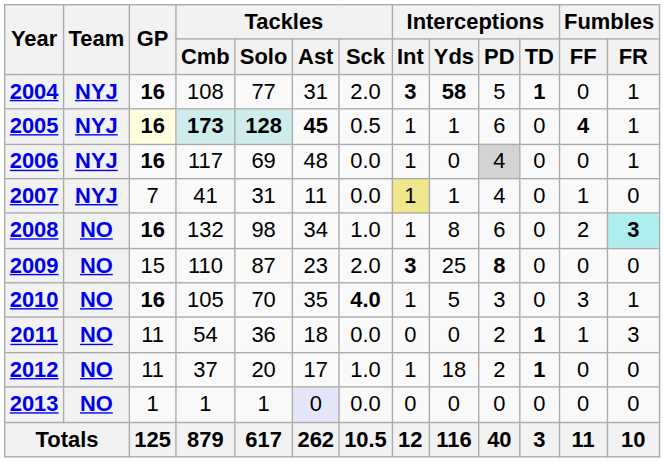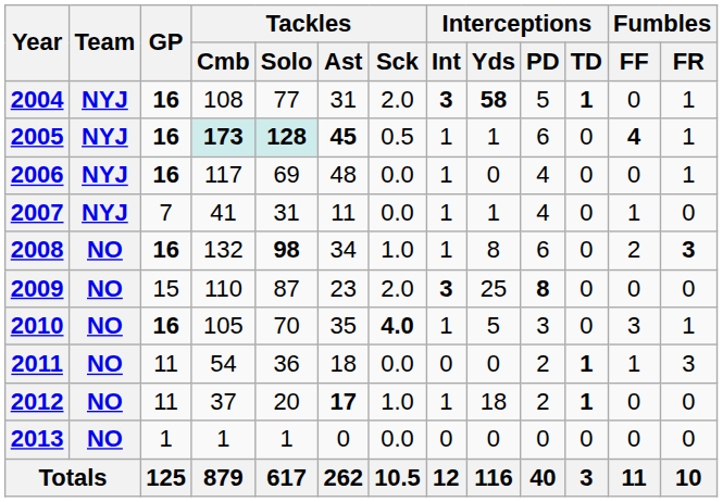 <table class="wikitable" style="text-align: center;">
 <tr>
 <th rowspan="2">Year</th>
 <th rowspan="2">Team</th>
 <th rowspan="2">GP</th>
 <th colspan="4">Tackles</th>
 <th colspan="4">Interceptions</th>
 <th colspan="2">Fumbles</th>
 </tr>
 <tr>
 <th>Cmb</th>
 <th>Solo</th>
 <th>Ast</th>
 <th>Sck</th>
 <th>Int</th>
 <th>Yds</th>
 <th>PD</th>
 <th>TD</th>
 <th>FF</th>
 <th>FR</th>
 </tr>
 <tr>
 <th><a href='#'>2004</a></th>
 <th><a href='#'>NYJ</a></th>
 <td><strong>16</strong></td>
 <td>108</td>
 <td>77</td>
 <td>31</td>
 <td>2.0</td>
 <td><strong>3</strong></td>
 <td><strong>58</strong></td>
 <td>5</td>
 <td><strong>1</strong></td>
 <td>0</td>
 <td>1</td>
 </tr>
 <tr>
 <th><a href='#'>2005</a></th>
 <th><a href='#'>NYJ</a></th>
-<td style="background: lightyellow;"><strong>16</strong></td>
+<td><strong>16</strong></td>
 <td style="background:#cfecec"><strong>173</strong></td>
 <td style="background:#cfecec"><strong>128</strong></td>
 <td><strong>45</strong></td>
 <td>0.5</td>
 <td>1</td>
 <td>1</td>
 <td>6</td>
 <td>0</td>
 <td><strong>4</strong></td>
 <td>1</td>
 </tr>
 <tr>
 <th><a href='#'>2006</a></th>
 <th><a href='#'>NYJ</a></th>
 <td><strong>16</strong></td>
 <td>117</td>
 <td>69</td>
 <td>48</td>
 <td>0.0</td>
 <td>1</td>
 <td>0</td>
-<td style="background: lightgrey;">4</td>
+<td>4</td>
 <td>0</td>
 <td>0</td>
 <td>1</td>
 </tr>
 <tr>
 <th><a href='#'>2007</a></th>
 <th><a href='#'>NYJ</a></th>
 <td>7</td>
 <td>41</td>
 <td>31</td>
 <td>11</td>
 <td>0.0</td>
-<td style="background: khaki;">1</td>
+<td>1</td>
 <td>1</td>
 <td>4</td>
 <td>0</td>
 <td>1</td>
 <td>0</td>
 </tr>
 <tr>
 <th><a href='#'>2008</a></th>
 <th><a href='#'>NO</a></th>
 <td><strong>16</strong></td>
 <td>132</td>
-<td>98</td>
+<td><strong>98</strong></td>
 <td>34</td>
 <td>1.0</td>
 <td>1</td>
 <td>8</td>
 <td>6</td>
 <td>0</td>
 <td>2</td>
-<td style="background: paleturquoise;"><strong>3</strong></td>
+<td><strong>3</strong></td>
 </tr>
 <tr>
 <th><a href='#'>2009</a></th>
 <th><a href='#'>NO</a></th>
 <td>15</td>
 <td>110</td>
 <td>87</td>
 <td>23</td>
 <td>2.0</td>
 <td><strong>3</strong></td>
 <td>25</td>
 <td><strong>8</strong></td>
 <td>0</td>
 <td>0</td>
 <td>0</td>
 </tr>
 <tr>
 <th><a href='#'>2010</a></th>
 <th><a href='#'>NO</a></th>
 <td><strong>16</strong></td>
 <td>105</td>
 <td>70</td>
 <td>35</td>
 <td><strong>4.0</strong></td>
 <td>1</td>
 <td>5</td>
 <td>3</td>
 <td>0</td>
 <td>3</td>
 <td>1</td>
 </tr>
 <tr>
 <th><a href='#'>2011</a></th>
 <th><a href='#'>NO</a></th>
 <td>11</td>
 <td>54</td>
 <td>36</td>
 <td>18</td>
 <td>0.0</td>
 <td>0</td>
 <td>0</td>
 <td>2</td>
 <td><strong>1</strong></td>
 <td>1</td>
 <td>3</td>
 </tr>
 <tr>
 <th><a href='#'>2012</a></th>
 <th><a href='#'>NO</a></th>
 <td>11</td>
 <td>37</td>
 <td>20</td>
-<td>17</td>
+<td><strong>17</strong></td>
 <td>1.0</td>
 <td>1</td>
 <td>18</td>
 <td>2</td>
 <td><strong>1</strong></td>
 <td>0</td>
 <td>0</td>
 </tr>
 <tr>
 <th><a href='#'>2013</a></th>
 <th><a href='#'>NO</a></th>
 <td>1</td>
 <td>1</td>
 <td>1</td>
-<td style="background: lavender;">0</td>
+<td>0</td>
 <td>0.0</td>
 <td>0</td>
 <td>0</td>
 <td>0</td>
 <td>0</td>
 <td>0</td>
 <td>0</td>
 </tr>
 <tr>
 <th colspan="2">Totals</th>
 <th>125</th>
 <th>879</th>
 <th>617</th>
 <th>262</th>
 <th>10.5</th>
 <th>12</th>
 <th>116</th>
 <th>40</th>
 <th>3</th>
 <th>11</th>
 <th>10</th>
 </tr>
 </table>
